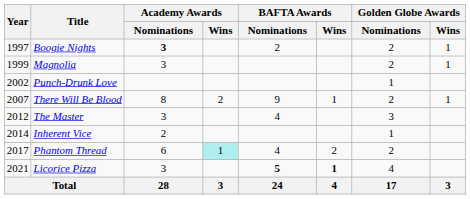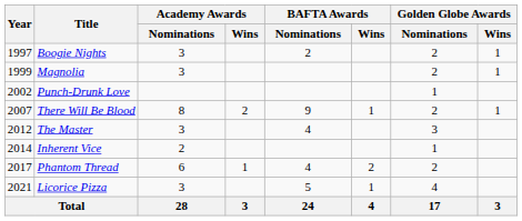 <table class="wikitable">
 <tr>
 <th rowspan="2">Year</th>
 <th rowspan="2">Title</th>
 <th colspan="2" style="text-align:center;" width=160>Academy Awards</th>
 <th colspan="2" style="text-align:center;" width=160>BAFTA Awards</th>
 <th colspan="2" style="text-align:center;" width=160>Golden Globe Awards</th>
 </tr>
 <tr>
 <th>Nominations</th>
 <th>Wins</th>
 <th>Nominations</th>
 <th>Wins</th>
 <th>Nominations</th>
 <th>Wins</th>
 </tr>
 <tr>
 <td>1997</td>
 <td><em><a href='#'>Boogie Nights</a></em></td>
-<td style="text-align:center"><strong>3</strong></td>
+<td style="text-align:center">3</td>
 <td style="text-align:center"></td>
 <td style="text-align:center">2</td>
 <td style="text-align:center"></td>
 <td style="text-align:center">2</td>
 <td style="text-align:center">1</td>
 </tr>
 <tr>
 <td>1999</td>
 <td><em><a href='#'>Magnolia</a></em></td>
 <td style="text-align:center">3</td>
 <td style="text-align:center"></td>
 <td style="text-align:center"></td>
 <td style="text-align:center"></td>
 <td style="text-align:center">2</td>
 <td style="text-align:center">1</td>
 </tr>
 <tr>
 <td>2002</td>
 <td><em><a href='#'>Punch-Drunk Love</a></em></td>
 <td style="text-align:center"></td>
 <td style="text-align:center"></td>
 <td style="text-align:center"></td>
 <td style="text-align:center"></td>
 <td style="text-align:center">1</td>
 <td style="text-align:center"></td>
 </tr>
 <tr>
 <td>2007</td>
 <td><em><a href='#'>There Will Be Blood</a></em></td>
 <td style="text-align:center">8</td>
 <td style="text-align:center">2</td>
 <td style="text-align:center">9</td>
 <td style="text-align:center">1</td>
 <td style="text-align:center">2</td>
 <td style="text-align:center">1</td>
 </tr>
 <tr>
 <td>2012</td>
 <td><em><a href='#'>The Master</a></em></td>
 <td style="text-align:center">3</td>
 <td style="text-align:center"></td>
 <td style="text-align:center">4</td>
 <td style="text-align:center"></td>
 <td style="text-align:center">3</td>
 <td style="text-align:center"></td>
 </tr>
 <tr>
 <td>2014</td>
 <td><em><a href='#'>Inherent Vice</a></em></td>
 <td style="text-align:center">2</td>
 <td style="text-align:center"></td>
 <td style="text-align:center"></td>
 <td style="text-align:center"></td>
 <td style="text-align:center">1</td>
 <td style="text-align:center"></td>
 </tr>
 <tr>
 <td>2017</td>
 <td><em><a href='#'>Phantom Thread</a></em></td>
 <td style="text-align:center">6</td>
-<td style="background: paleturquoise; text-align:center">1</td>
+<td style="text-align:center">1</td>
 <td style="text-align:center">4</td>
 <td style="text-align:center">2</td>
 <td style="text-align:center">2</td>
 <td style="text-align:center"></td>
 </tr>
 <tr>
 <td>2021</td>
 <td><em><a href='#'>Licorice Pizza</a></em></td>
 <td style="text-align:center">3</td>
 <td style="text-align:center"></td>
-<td style="text-align:center"><strong>5</strong></td>
-<td style="text-align:center"><strong>1</strong></td>
+<td style="text-align:center">5</td>
+<td style="text-align:center">1</td>
 <td style="text-align:center">4</td>
 <td></td>
 </tr>
 <tr>
 <th colspan="2">Total</th>
 <th style="text-align:center">28</th>
 <th style="text-align:center">3</th>
 <th style="text-align:center">24</th>
 <th style="text-align:center">4</th>
 <th style="text-align:center">17</th>
 <th style="text-align:center">3</th>
 </tr>
 </table>
